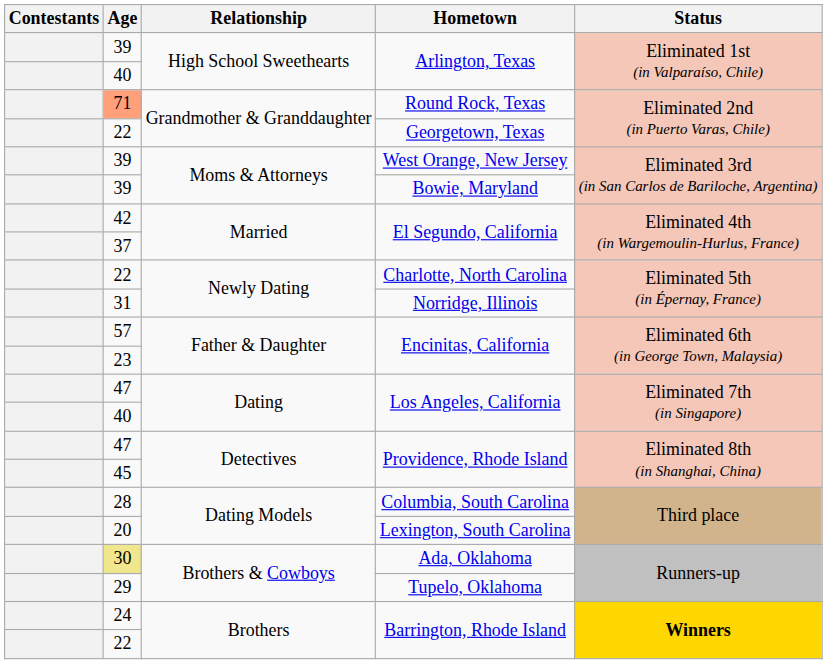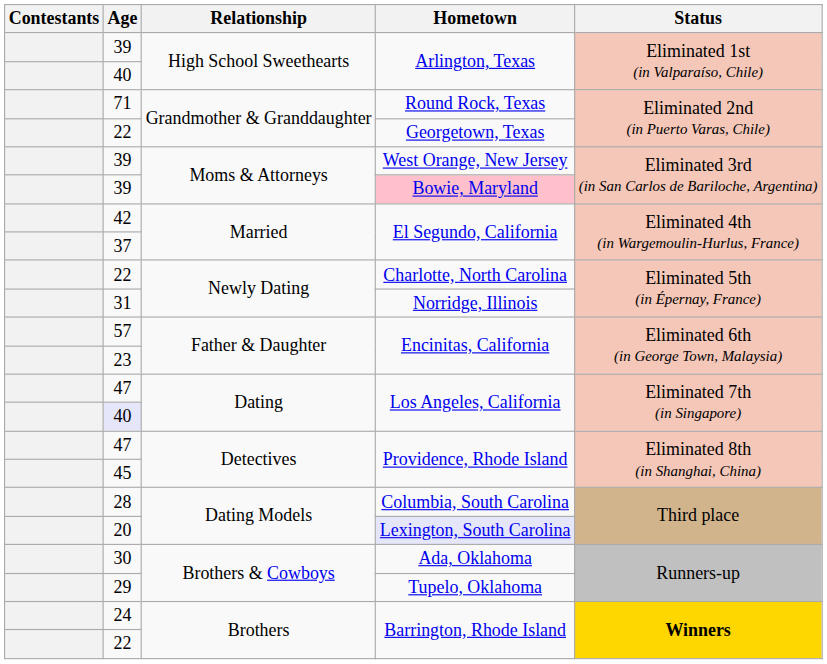 <table class="wikitable sortable" style="text-align:center;">
 <tr>
 <th scope="col">Contestants</th>
 <th scope="col">Age</th>
 <th scope="col" class="unsortable">Relationship</th>
 <th class="unsortable" scope="col">Hometown</th>
 <th scope="col">Status</th>
 </tr>
 <tr>
 <th scope="row"></th>
 <td>39</td>
 <td rowspan="2">High School Sweethearts</td>
 <td rowspan="2"><a href='#'>Arlington, Texas</a></td>
 <td rowspan="2" bgcolor="f4c7b8">Eliminated 1st<br><small><em>(in Valparaíso, Chile)</em></small></td>
 </tr>
 <tr>
 <th scope="row"></th>
 <td>40</td>
 </tr>
 <tr>
 <th scope="row"></th>
-<td style="background: lightsalmon;">71</td>
+<td>71</td>
 <td rowspan="2">Grandmother & Granddaughter</td>
 <td><a href='#'>Round Rock, Texas</a></td>
 <td rowspan="2" bgcolor="f4c7b8">Eliminated 2nd<br><small><em>(in Puerto Varas, Chile)</em></small></td>
 </tr>
 <tr>
 <th scope="row"></th>
 <td>22</td>
 <td><a href='#'>Georgetown, Texas</a></td>
 </tr>
 <tr>
 <th scope="row"></th>
 <td>39</td>
 <td rowspan="2">Moms & Attorneys</td>
 <td><a href='#'>West Orange, New Jersey</a></td>
 <td rowspan="2" bgcolor="f4c7b8">Eliminated 3rd<br><small><em>(in San Carlos de Bariloche, Argentina)</em></small></td>
 </tr>
 <tr>
 <th scope="row"></th>
 <td>39</td>
-<td><a href='#'>Bowie, Maryland</a></td>
+<td style="background: pink;"><a href='#'>Bowie, Maryland</a></td>
 </tr>
 <tr>
 <th scope="row"></th>
 <td>42</td>
 <td rowspan="2">Married</td>
 <td rowspan="2"><a href='#'>El Segundo, California</a></td>
 <td rowspan="2" bgcolor="f4c7b8">Eliminated 4th<br><small><em>(in Wargemoulin-Hurlus, France)</em></small></td>
 </tr>
 <tr>
 <th scope="row"></th>
 <td>37</td>
 </tr>
 <tr>
 <th scope="row"></th>
 <td>22</td>
 <td rowspan="2">Newly Dating</td>
 <td><a href='#'>Charlotte, North Carolina</a></td>
 <td rowspan="2" bgcolor="f4c7b8">Eliminated 5th<br><small><em>(in Épernay, France)</em></small></td>
 </tr>
 <tr>
 <th scope="row"></th>
 <td>31</td>
 <td><a href='#'>Norridge, Illinois</a></td>
 </tr>
 <tr>
 <th scope="row"></th>
 <td>57</td>
 <td rowspan="2">Father & Daughter</td>
 <td rowspan="2"><a href='#'>Encinitas, California</a></td>
 <td rowspan="2" bgcolor="f4c7b8">Eliminated 6th<br><small><em>(in George Town, Malaysia)</em></small></td>
 </tr>
 <tr>
 <th scope="row"></th>
 <td>23</td>
 </tr>
 <tr>
 <th scope="row"></th>
 <td>47</td>
 <td rowspan="2">Dating</td>
 <td rowspan="2"><a href='#'>Los Angeles, California</a></td>
 <td rowspan="2" bgcolor="f4c7b8">Eliminated 7th<br><small><em>(in Singapore)</em></small></td>
 </tr>
 <tr>
 <th scope="row"></th>
-<td>40</td>
+<td style="background: lavender;">40</td>
 </tr>
 <tr>
 <th scope="row"></th>
 <td>47</td>
 <td rowspan="2">Detectives</td>
 <td rowspan="2"><a href='#'>Providence, Rhode Island</a></td>
 <td rowspan="2" bgcolor="f4c7b8">Eliminated 8th<br><small><em>(in Shanghai, China)</em></small></td>
 </tr>
 <tr>
 <th scope="row"></th>
 <td>45</td>
 </tr>
 <tr>
 <th scope="row"></th>
 <td>28</td>
 <td rowspan="2">Dating Models</td>
 <td><a href='#'>Columbia, South Carolina</a></td>
 <td rowspan="2" bgcolor="tan">Third place</td>
 </tr>
 <tr>
 <th scope="row"></th>
 <td>20</td>
-<td><a href='#'>Lexington, South Carolina</a></td>
+<td style="background: lavender;"><a href='#'>Lexington, South Carolina</a></td>
 </tr>
 <tr>
 <th scope="row"></th>
-<td style="background: khaki;">30</td>
+<td>30</td>
 <td rowspan="2">Brothers & <a href='#'>Cowboys</a></td>
 <td><a href='#'>Ada, Oklahoma</a></td>
 <td rowspan="2" bgcolor="silver">Runners-up</td>
 </tr>
 <tr>
 <th scope="row"></th>
 <td>29</td>
 <td><a href='#'>Tupelo, Oklahoma</a></td>
 </tr>
 <tr>
 <th scope="row"></th>
 <td>24</td>
 <td rowspan="2">Brothers</td>
 <td rowspan="2"><a href='#'>Barrington, Rhode Island</a></td>
 <td rowspan="2" bgcolor="gold"><strong>Winners</strong></td>
 </tr>
 <tr>
 <th scope="row"></th>
 <td>22</td>
 </tr>
 </table>
